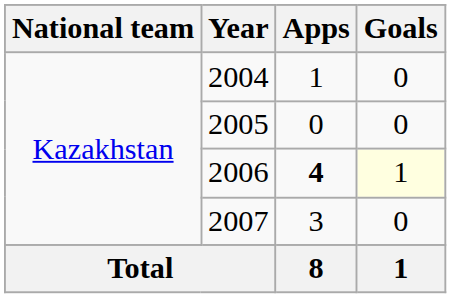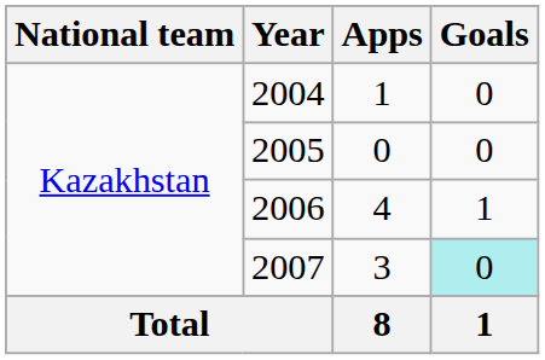 <table class="wikitable" style="text-align:center">
 <tr>
 <th>National team</th>
 <th>Year</th>
 <th>Apps</th>
 <th>Goals</th>
 </tr>
 <tr>
 <td rowspan="4"><a href='#'>Kazakhstan</a></td>
 <td>2004</td>
 <td>1</td>
 <td>0</td>
 </tr>
 <tr>
 <td>2005</td>
 <td>0</td>
 <td>0</td>
 </tr>
 <tr>
 <td>2006</td>
-<td><strong>4</strong></td>
-<td style="background: lightyellow;">1</td>
+<td>4</td>
+<td>1</td>
 </tr>
 <tr>
 <td>2007</td>
 <td>3</td>
-<td>0</td>
+<td style="background: paleturquoise;">0</td>
 </tr>
 <tr>
 <th colspan="2">Total</th>
 <th>8</th>
 <th>1</th>
 </tr>
 </table>
